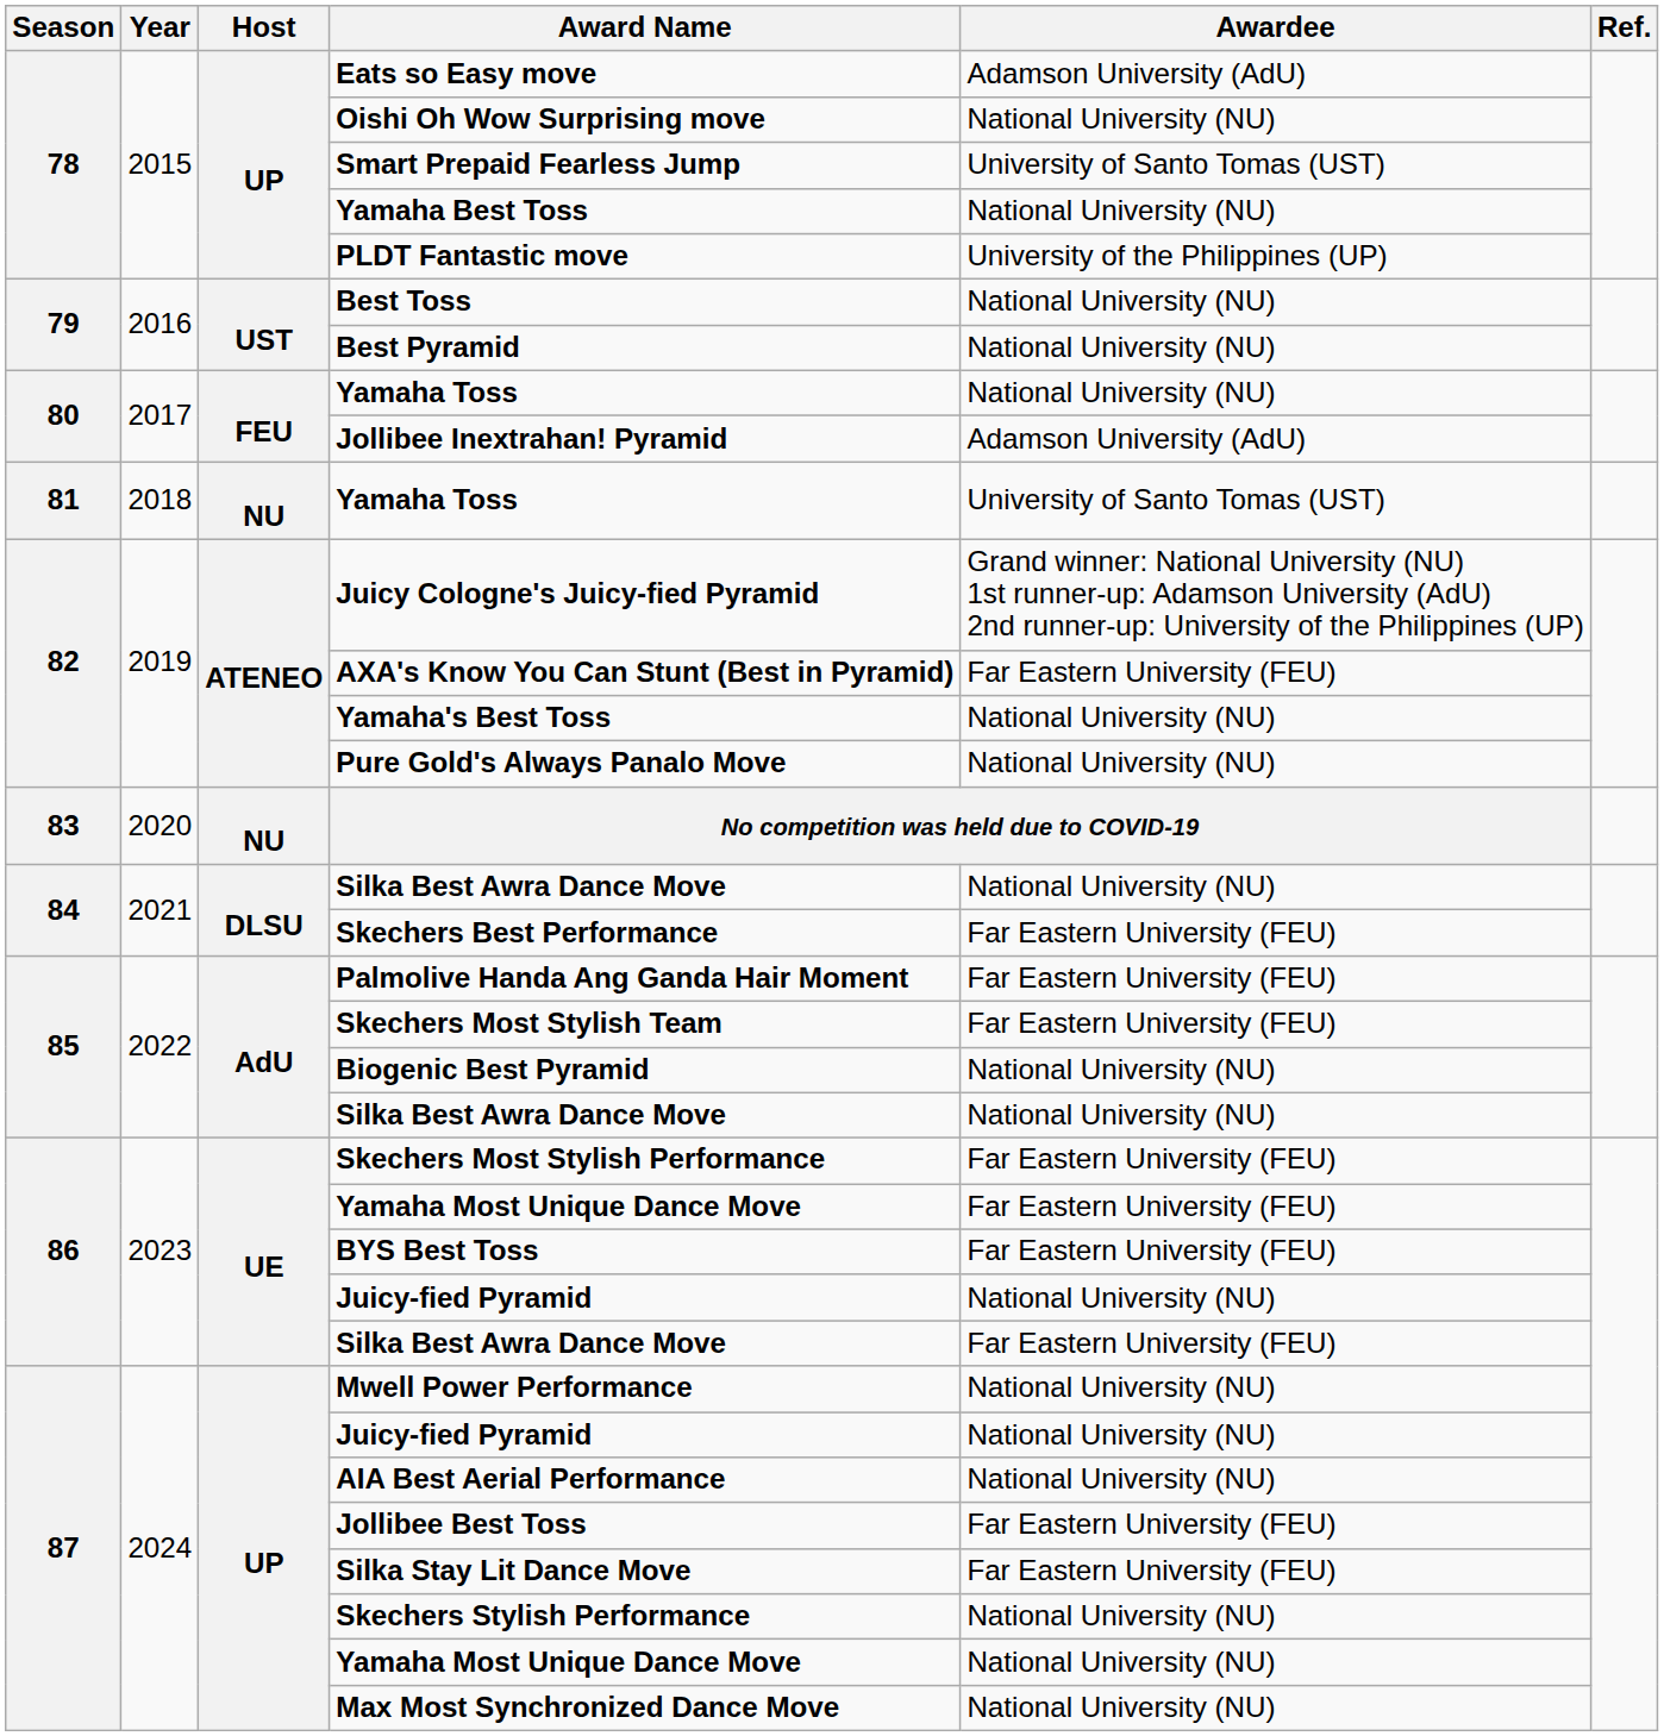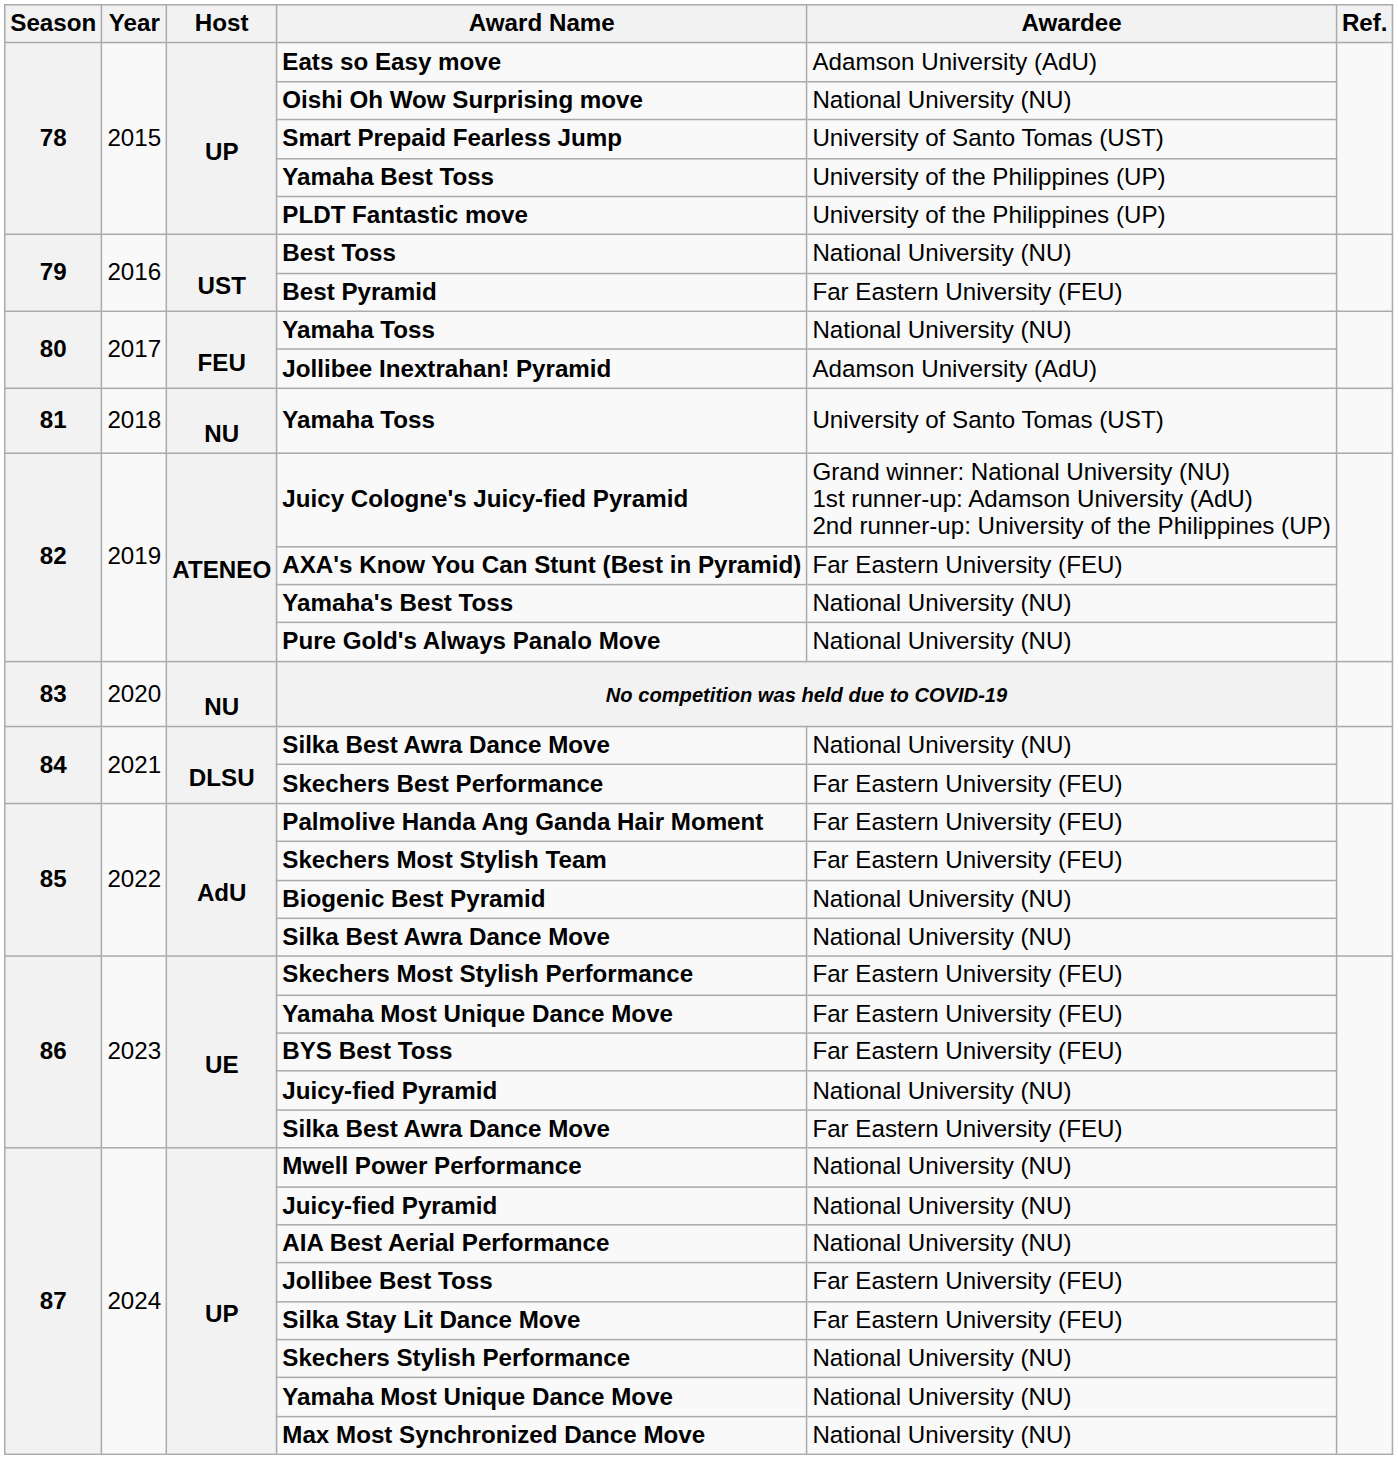 <table class="wikitable" style="text align: center">
 <tr bgcolor="#efefef">
 <th>Season</th>
 <th>Year</th>
 <th>Host</th>
 <th>Award Name</th>
 <th>Awardee</th>
 <th>Ref.</th>
 </tr>
 <tr>
 <th rowspan="5" align="center">78</th>
 <td rowspan="5">2015</td>
 <th rowspan="5"><strong><br>UP</strong></th>
 <td><strong>Eats so Easy move</strong></td>
 <td> Adamson University (AdU)</td>
 <td rowspan="5"></td>
 </tr>
 <tr>
 <td><strong>Oishi Oh Wow Surprising move</strong></td>
 <td> National University (NU)</td>
 </tr>
 <tr>
 <td><strong>Smart Prepaid Fearless Jump</strong></td>
 <td> University of Santo Tomas (UST)</td>
 </tr>
 <tr>
 <td><strong>Yamaha Best Toss</strong></td>
-<td> National University (NU)</td>
+<td> University of the Philippines (UP)</td>
 </tr>
 <tr>
 <td><strong>PLDT Fantastic move</strong></td>
 <td> University of the Philippines (UP)</td>
 </tr>
 <tr>
 <th rowspan="2" align="center">79</th>
 <td rowspan="2">2016</td>
 <th rowspan="2"><br>UST</th>
 <td><strong>Best Toss</strong></td>
 <td> National University (NU)</td>
 <td rowspan="2"></td>
 </tr>
 <tr>
 <td><strong>Best Pyramid</strong></td>
-<td> National University (NU)</td>
+<td> Far Eastern University (FEU)</td>
 </tr>
 <tr>
 <th rowspan="2" align="center">80</th>
 <td rowspan="2">2017</td>
 <th rowspan="2"><br>FEU</th>
 <td><strong>Yamaha Toss</strong></td>
 <td> National University (NU)</td>
 <td rowspan="2"></td>
 </tr>
 <tr>
 <td><strong>Jollibee Inextrahan! Pyramid</strong></td>
 <td> Adamson University (AdU)</td>
 </tr>
 <tr>
 <th align="center">81</th>
 <td>2018</td>
 <th><br>NU</th>
 <td><strong>Yamaha Toss</strong></td>
 <td> University of Santo Tomas (UST)</td>
 <td rowspan="1"></td>
 </tr>
 <tr>
 <th rowspan="4" align="center">82</th>
 <td rowspan="4">2019</td>
 <th rowspan="4"><br>ATENEO</th>
 <td><strong>Juicy Cologne's Juicy-fied Pyramid</strong></td>
 <td>Grand winner:  National University (NU)<br>1st runner-up:  Adamson University (AdU)<br>2nd runner-up:  University of the Philippines (UP)</td>
 <td rowspan="4"></td>
 </tr>
 <tr>
 <td><strong>AXA's Know You Can Stunt (Best in Pyramid)</strong></td>
 <td> Far Eastern University (FEU)</td>
 </tr>
 <tr>
 <td><strong>Yamaha's Best Toss</strong></td>
 <td> National University (NU)</td>
 </tr>
 <tr>
 <td><strong>Pure Gold's Always Panalo Move</strong></td>
 <td> National University (NU)</td>
 </tr>
 <tr>
 <th>83</th>
 <td>2020</td>
 <th><br>NU</th>
 <th colspan="2"><em><small>No competition was held due to COVID-19</small></em></th>
 <td></td>
 </tr>
 <tr>
 <th rowspan="2">84</th>
 <td rowspan="2">2021</td>
 <th rowspan="2"><br>DLSU</th>
 <td><strong>Silka Best Awra Dance Move</strong></td>
 <td> National University (NU)</td>
 <td rowspan="2"></td>
 </tr>
 <tr>
 <td><strong>Skechers Best Performance</strong></td>
 <td> Far Eastern University (FEU)</td>
 </tr>
 <tr>
 <th rowspan="4">85</th>
 <td rowspan="4">2022</td>
 <th rowspan="4"><br>AdU</th>
 <td><strong>Palmolive Handa Ang Ganda Hair Moment</strong></td>
 <td> Far Eastern University (FEU)</td>
 <td rowspan="4"></td>
 </tr>
 <tr>
 <td><strong>Skechers Most Stylish Team</strong></td>
 <td> Far Eastern University (FEU)</td>
 </tr>
 <tr>
 <td><strong>Biogenic Best Pyramid</strong></td>
 <td> National University (NU)</td>
 </tr>
 <tr>
 <td><strong>Silka Best Awra Dance Move</strong></td>
 <td> National University (NU)</td>
 </tr>
 <tr>
 <th rowspan="5">86</th>
 <td rowspan="5">2023</td>
 <th rowspan="5"><br>UE</th>
 <td><strong>Skechers Most Stylish Performance</strong></td>
 <td> Far Eastern University (FEU)</td>
 </tr>
 <tr>
 <td><strong>Yamaha Most Unique Dance Move</strong></td>
 <td> Far Eastern University (FEU)</td>
 </tr>
 <tr>
 <td><strong>BYS Best Toss</strong></td>
 <td> Far Eastern University (FEU)</td>
 </tr>
 <tr>
 <td><strong>Juicy-fied Pyramid</strong></td>
 <td> National University (NU)</td>
 </tr>
 <tr>
 <td><strong>Silka Best Awra Dance Move</strong></td>
 <td> Far Eastern University (FEU)</td>
 </tr>
 <tr>
 <th rowspan="8">87</th>
 <td rowspan="8">2024</td>
 <th rowspan="8"><br>UP</th>
 <td><strong>Mwell Power Performance</strong></td>
 <td> National University (NU)</td>
 </tr>
 <tr>
 <td><strong>Juicy-fied Pyramid</strong></td>
 <td> National University (NU)</td>
 </tr>
 <tr>
 <td><strong>AIA Best Aerial Performance</strong></td>
 <td> National University (NU)</td>
 </tr>
 <tr>
 <td><strong>Jollibee Best Toss</strong></td>
 <td> Far Eastern University (FEU)</td>
 </tr>
 <tr>
 <td><strong>Silka Stay Lit Dance Move</strong></td>
 <td> Far Eastern University (FEU)</td>
 </tr>
 <tr>
 <td><strong>Skechers Stylish Performance</strong></td>
 <td> National University (NU)</td>
 </tr>
 <tr>
 <td><strong>Yamaha Most Unique Dance Move</strong></td>
 <td> National University (NU)</td>
 </tr>
 <tr>
 <td><strong>Max Most Synchronized Dance Move</strong></td>
 <td> National University (NU)</td>
 </tr>
 </table>
